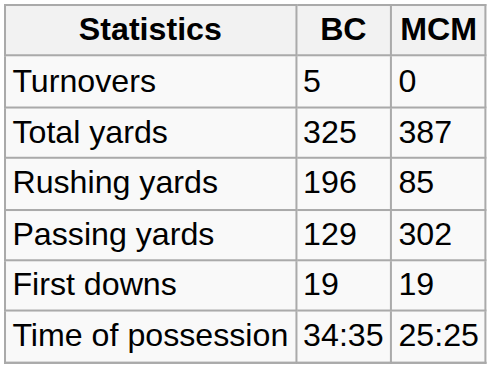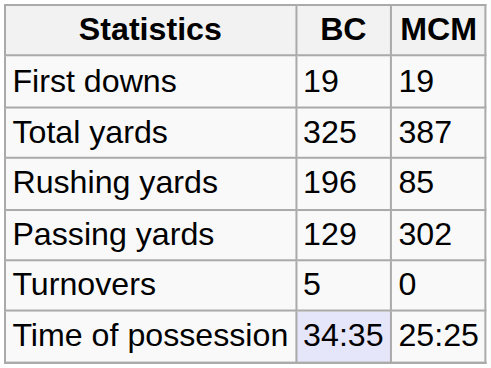 <table class="wikitable">
 <tr>
 <th>Statistics</th>
 <th>BC</th>
 <th>MCM</th>
 </tr>
 <tr>
-<td>Turnovers</td>
-<td>5</td>
-<td>0</td>
+<td>First downs</td>
+<td>19</td>
+<td>19</td>
 </tr>
 <tr>
 <td>Total yards</td>
 <td>325</td>
 <td>387</td>
 </tr>
 <tr>
 <td>Rushing yards</td>
 <td>196</td>
 <td>85</td>
 </tr>
 <tr>
 <td>Passing yards</td>
 <td>129</td>
 <td>302</td>
 </tr>
 <tr>
-<td>First downs</td>
-<td>19</td>
-<td>19</td>
+<td>Turnovers</td>
+<td>5</td>
+<td>0</td>
 </tr>
 <tr>
 <td>Time of possession</td>
-<td>34:35</td>
+<td style="background: lavender;">34:35</td>
 <td>25:25</td>
 </tr>
 <tr>
 </tr>
 </table>
